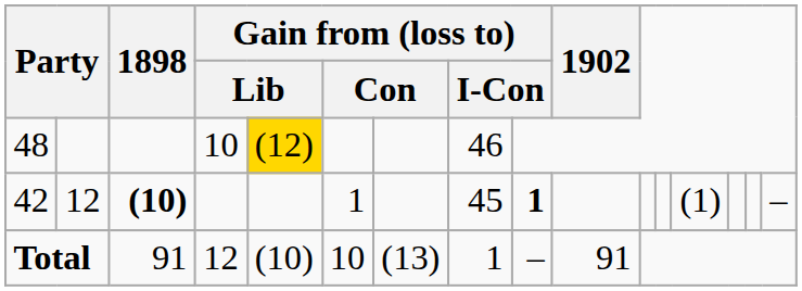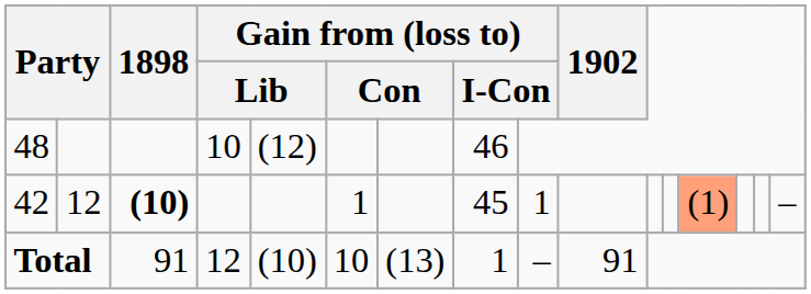 <table class="wikitable" style="text-align:right">
 <tr>
 <th rowspan="2" colspan="2">Party</th>
 <th rowspan="2" style="width:1em;">1898</th>
 <th colspan="6">Gain from (loss to)</th>
 <th rowspan="2" style="width:1em;">1902</th>
 </tr>
 <tr>
 <th colspan="2">Lib</th>
 <th colspan="2">Con</th>
 <th colspan="2">I-Con</th>
 </tr>
 <tr>
 <td>48</td>
 <td></td>
 <td></td>
 <td>10</td>
-<td style="background: gold;">(12)</td>
+<td>(12)</td>
 <td></td>
 <td></td>
 <td>46</td>
 </tr>
 <tr>
 <td>42</td>
 <td>12</td>
 <td><strong>(10)</strong></td>
 <td></td>
 <td></td>
 <td>1</td>
 <td></td>
 <td>45<br></td>
-<td><strong>1</strong></td>
+<td>1</td>
 <td></td>
 <td></td>
 <td></td>
-<td>(1)</td>
+<td style="background: lightsalmon;">(1)</td>
 <td></td>
 <td></td>
 <td>–</td>
 </tr>
 <tr>
 <td colspan="2" style="text-align:left;"><strong>Total</strong></td>
 <td>91</td>
 <td>12</td>
 <td>(10)</td>
 <td>10</td>
 <td>(13)</td>
 <td>1</td>
 <td>–</td>
 <td>91</td>
 </tr>
 </table>
